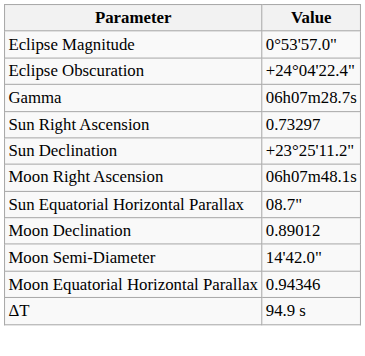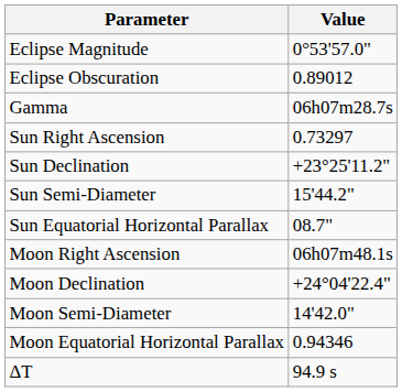 <table class="wikitable">
 <tr>
 <th>Parameter</th>
 <th>Value</th>
 </tr>
 <tr>
 <td>Eclipse Magnitude</td>
 <td>0°53'57.0"</td>
 </tr>
 <tr>
 <td>Eclipse Obscuration</td>
-<td>+24°04'22.4"</td>
+<td>0.89012</td>
 </tr>
 <tr>
 <td>Gamma</td>
 <td>06h07m28.7s</td>
 </tr>
 <tr>
 <td>Sun Right Ascension</td>
 <td>0.73297</td>
 </tr>
 <tr>
 <td>Sun Declination</td>
 <td>+23°25'11.2"</td>
 </tr>
 <tr>
-<td>Moon Right Ascension</td>
-<td>06h07m48.1s</td>
+<td>Sun Semi-Diameter</td>
+<td>15'44.2"</td>
 </tr>
 <tr>
 <td>Sun Equatorial Horizontal Parallax</td>
 <td>08.7"</td>
 </tr>
 <tr>
+<td>Moon Right Ascension</td>
+<td>06h07m48.1s</td>
+</tr>
+<tr>
 <td>Moon Declination</td>
-<td>0.89012</td>
+<td>+24°04'22.4"</td>
 </tr>
 <tr>
 <td>Moon Semi-Diameter</td>
 <td>14'42.0"</td>
 </tr>
 <tr>
 <td>Moon Equatorial Horizontal Parallax</td>
 <td>0.94346</td>
 </tr>
 <tr>
 <td>ΔT</td>
 <td>94.9 s</td>
 </tr>
 </table>
